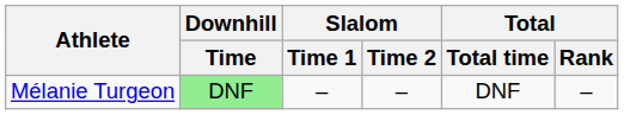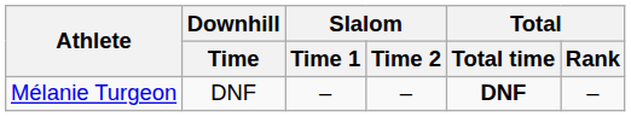 <table class="wikitable" style="font-size:90%">
 <tr>
 <th rowspan="2">Athlete</th>
 <th>Downhill</th>
 <th colspan="2">Slalom</th>
 <th colspan="2">Total</th>
 </tr>
 <tr>
 <th>Time</th>
 <th>Time 1</th>
 <th>Time 2</th>
 <th>Total time</th>
 <th>Rank</th>
 </tr>
 <tr>
 <td><a href='#'>Mélanie Turgeon</a></td>
-<td align="center" style="background: lightgreen;">DNF</td>
+<td align="center">DNF</td>
 <td align="center">–</td>
 <td align="center">–</td>
-<td align="center">DNF</td>
+<td align="center"><strong>DNF</strong></td>
 <td align="center">–</td>
 </tr>
 </table>
